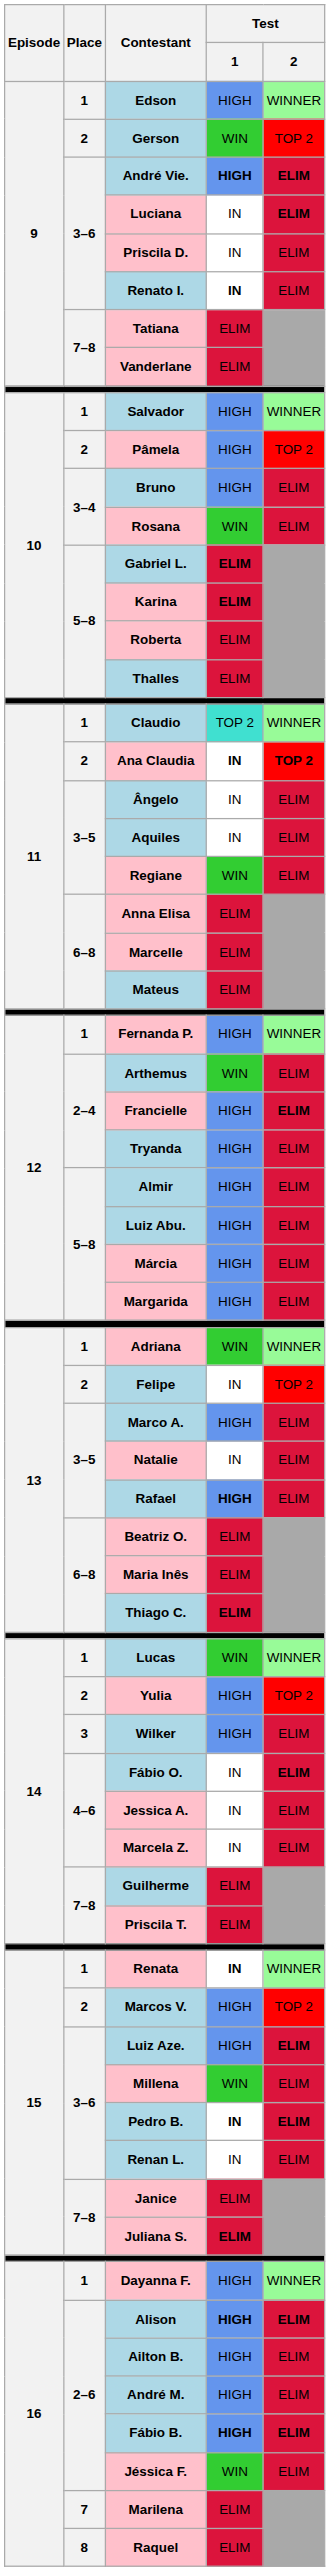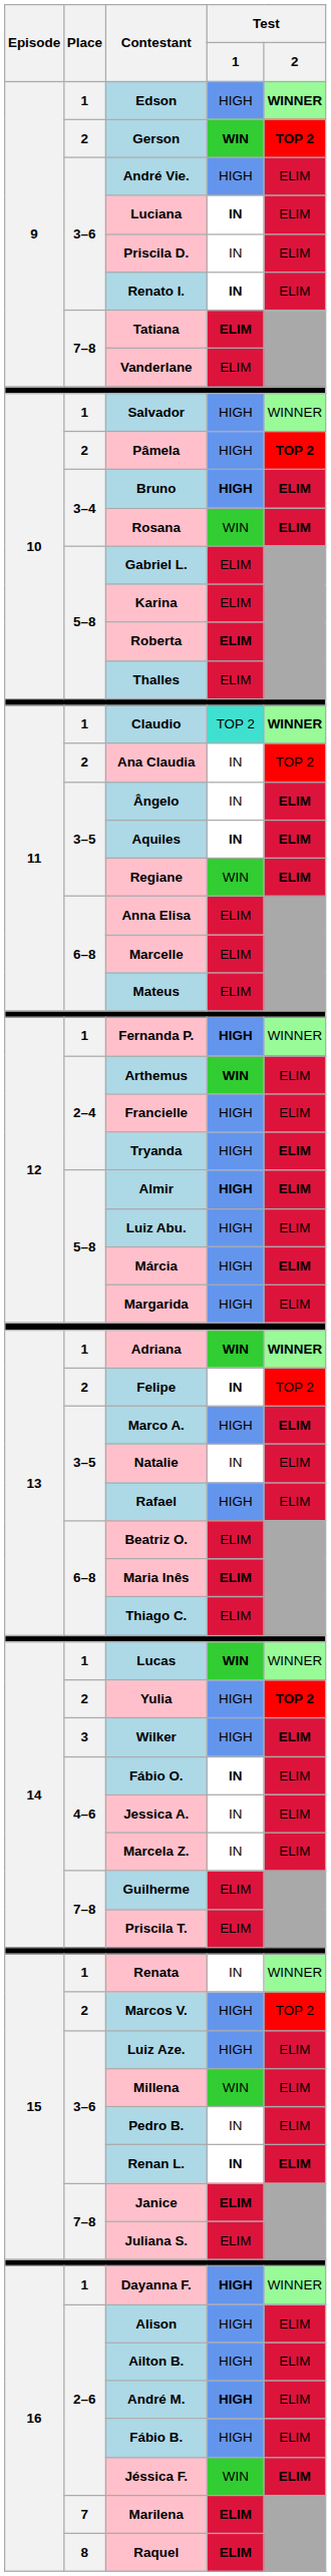 <table class="wikitable" style="text-align: center; font-size:8pt; line-height:25px;">
 <tr>
 <th rowspan=2>Episode</th>
 <th rowspan=2>Place</th>
 <th rowspan=2>Contestant</th>
 <th colspan=2>Test</th>
 </tr>
 <tr>
 <th>1</th>
 <th>2</th>
 </tr>
 <tr>
 <th rowspan=8>9</th>
 <th>1</th>
 <td bgcolor=ADD8E6 width=75><strong>Edson</strong></td>
 <td bgcolor=6495ED width=40>HIGH</td>
-<td bgcolor=98FB98 width=40>WINNER</td>
+<td bgcolor=98FB98 width=40><strong>WINNER</strong></td>
 </tr>
 <tr>
 <th>2</th>
 <td bgcolor=ADD8E6><strong>Gerson</strong></td>
-<td bgcolor=32CD32>WIN</td>
-<td bgcolor=FF0000>TOP 2</td>
+<td bgcolor=32CD32><strong>WIN</strong></td>
+<td bgcolor=FF0000><strong>TOP 2</strong></td>
 </tr>
 <tr>
 <th rowspan=4>3–6</th>
 <td bgcolor=ADD8E6><strong>André Vie.</strong></td>
-<td bgcolor=6495ED><strong>HIGH</strong></td>
-<td bgcolor=DC143C><strong>ELIM</strong></td>
+<td bgcolor=6495ED>HIGH</td>
+<td bgcolor=DC143C>ELIM</td>
 </tr>
 <tr>
 <td bgcolor=FFC0CB><strong>Luciana</strong></td>
-<td bgcolor=FFFFFF>IN</td>
-<td bgcolor=DC143C><strong>ELIM</strong></td>
+<td bgcolor=FFFFFF><strong>IN</strong></td>
+<td bgcolor=DC143C>ELIM</td>
 </tr>
 <tr>
 <td bgcolor=FFC0CB><strong>Priscila D.</strong></td>
 <td bgcolor=FFFFFF>IN</td>
 <td bgcolor=DC143C>ELIM</td>
 </tr>
 <tr>
 <td bgcolor=ADD8E6><strong>Renato I.</strong></td>
 <td bgcolor=FFFFFF><strong>IN</strong></td>
 <td bgcolor=DC143C>ELIM</td>
 </tr>
 <tr>
 <th rowspan=2>7–8</th>
 <td bgcolor=FFC0CB><strong>Tatiana</strong></td>
-<td bgcolor=DC143C>ELIM</td>
+<td bgcolor=DC143C><strong>ELIM</strong></td>
 <td bgcolor=A9A9A9 rowspan=2></td>
 </tr>
 <tr>
 <td bgcolor=FFC0CB><strong>Vanderlane</strong></td>
 <td bgcolor=DC143C>ELIM</td>
 </tr>
 <tr>
 <td colspan=5 bgcolor=000000></td>
 </tr>
 <tr>
 <th rowspan=8>10</th>
 <th>1</th>
 <td bgcolor=ADD8E6><strong>Salvador</strong></td>
 <td bgcolor=6495ED>HIGH</td>
 <td bgcolor=98FB98>WINNER</td>
 </tr>
 <tr>
 <th>2</th>
 <td bgcolor=FFC0CB><strong>Pâmela</strong></td>
 <td bgcolor=6495ED>HIGH</td>
-<td bgcolor=FF0000>TOP 2</td>
+<td bgcolor=FF0000><strong>TOP 2</strong></td>
 </tr>
 <tr>
 <th rowspan=2>3–4</th>
 <td bgcolor=ADD8E6><strong>Bruno</strong></td>
-<td bgcolor=6495ED>HIGH</td>
-<td bgcolor=DC143C>ELIM</td>
+<td bgcolor=6495ED><strong>HIGH</strong></td>
+<td bgcolor=DC143C><strong>ELIM</strong></td>
 </tr>
 <tr>
 <td bgcolor=FFC0CB><strong>Rosana</strong></td>
 <td bgcolor=32CD32>WIN</td>
-<td bgcolor=DC143C>ELIM</td>
+<td bgcolor=DC143C><strong>ELIM</strong></td>
 </tr>
 <tr>
 <th rowspan=4>5–8</th>
 <td bgcolor=ADD8E6><strong>Gabriel L.</strong></td>
-<td bgcolor=DC143C><strong>ELIM</strong></td>
+<td bgcolor=DC143C>ELIM</td>
 <td bgcolor=A9A9A9 rowspan=4></td>
 </tr>
 <tr>
 <td bgcolor=FFC0CB><strong>Karina</strong></td>
-<td bgcolor=DC143C><strong>ELIM</strong></td>
+<td bgcolor=DC143C>ELIM</td>
 </tr>
 <tr>
 <td bgcolor=FFC0CB><strong>Roberta</strong></td>
-<td bgcolor=DC143C>ELIM</td>
+<td bgcolor=DC143C><strong>ELIM</strong></td>
 </tr>
 <tr>
 <td bgcolor=ADD8E6><strong>Thalles</strong></td>
 <td bgcolor=DC143C>ELIM</td>
 </tr>
 <tr>
 <td colspan=5 bgcolor=000000></td>
 </tr>
 <tr>
 <th rowspan=8>11</th>
 <th>1</th>
 <td bgcolor=ADD8E6><strong>Claudio</strong></td>
 <td bgcolor=40E0D0>TOP 2</td>
-<td bgcolor=98FB98>WINNER</td>
+<td bgcolor=98FB98><strong>WINNER</strong></td>
 </tr>
 <tr>
 <th>2</th>
 <td bgcolor=FFC0CB><strong>Ana Claudia</strong></td>
-<td bgcolor=FFFFFF><strong>IN</strong></td>
-<td bgcolor=FF0000><strong>TOP 2</strong></td>
+<td bgcolor=FFFFFF>IN</td>
+<td bgcolor=FF0000>TOP 2</td>
 </tr>
 <tr>
 <th rowspan=3>3–5</th>
 <td bgcolor=ADD8E6><strong>Ângelo</strong></td>
 <td bgcolor=FFFFFF>IN</td>
-<td bgcolor=DC143C>ELIM</td>
+<td bgcolor=DC143C><strong>ELIM</strong></td>
 </tr>
 <tr>
 <td bgcolor=ADD8E6><strong>Aquiles</strong></td>
-<td bgcolor=FFFFFF>IN</td>
-<td bgcolor=DC143C>ELIM</td>
+<td bgcolor=FFFFFF><strong>IN</strong></td>
+<td bgcolor=DC143C><strong>ELIM</strong></td>
 </tr>
 <tr>
 <td bgcolor=FFC0CB><strong>Regiane</strong></td>
 <td bgcolor=32CD32>WIN</td>
-<td bgcolor=DC143C>ELIM</td>
+<td bgcolor=DC143C><strong>ELIM</strong></td>
 </tr>
 <tr>
 <th rowspan=3>6–8</th>
 <td bgcolor=FFC0CB><strong>Anna Elisa</strong></td>
 <td bgcolor=DC143C>ELIM</td>
 <td bgcolor=A9A9A9 rowspan=3></td>
 </tr>
 <tr>
 <td bgcolor=FFC0CB><strong>Marcelle</strong></td>
 <td bgcolor=DC143C>ELIM</td>
 </tr>
 <tr>
 <td bgcolor=ADD8E6><strong>Mateus</strong></td>
 <td bgcolor=DC143C>ELIM</td>
 </tr>
 <tr>
 <td colspan=5 bgcolor=000000></td>
 </tr>
 <tr>
 <th rowspan=8>12</th>
 <th>1</th>
 <td bgcolor=FFC0CB><strong>Fernanda P.</strong></td>
-<td bgcolor=6495ED>HIGH</td>
+<td bgcolor=6495ED><strong>HIGH</strong></td>
 <td bgcolor=98FB98>WINNER</td>
 </tr>
 <tr>
 <th rowspan=3>2–4</th>
 <td bgcolor=ADD8E6><strong>Arthemus</strong></td>
-<td bgcolor=32CD32>WIN</td>
+<td bgcolor=32CD32><strong>WIN</strong></td>
 <td bgcolor=DC143C>ELIM</td>
 </tr>
 <tr>
 <td bgcolor=FFC0CB><strong>Francielle</strong></td>
 <td bgcolor=6495ED>HIGH</td>
-<td bgcolor=DC143C><strong>ELIM</strong></td>
+<td bgcolor=DC143C>ELIM</td>
 </tr>
 <tr>
 <td bgcolor=ADD8E6><strong>Tryanda</strong></td>
 <td bgcolor=6495ED>HIGH</td>
-<td bgcolor=DC143C>ELIM</td>
+<td bgcolor=DC143C><strong>ELIM</strong></td>
 </tr>
 <tr>
 <th rowspan=4>5–8</th>
 <td bgcolor=ADD8E6><strong>Almir</strong></td>
-<td bgcolor=6495ED>HIGH</td>
-<td bgcolor=DC143C>ELIM</td>
+<td bgcolor=6495ED><strong>HIGH</strong></td>
+<td bgcolor=DC143C><strong>ELIM</strong></td>
 </tr>
 <tr>
 <td bgcolor=ADD8E6><strong>Luiz Abu.</strong></td>
 <td bgcolor=6495ED>HIGH</td>
 <td bgcolor=DC143C>ELIM</td>
 </tr>
 <tr>
 <td bgcolor=FFC0CB><strong>Márcia</strong></td>
 <td bgcolor=6495ED>HIGH</td>
-<td bgcolor=DC143C>ELIM</td>
+<td bgcolor=DC143C><strong>ELIM</strong></td>
 </tr>
 <tr>
 <td bgcolor=FFC0CB><strong>Margarida</strong></td>
 <td bgcolor=6495ED>HIGH</td>
 <td bgcolor=DC143C>ELIM</td>
 </tr>
 <tr>
 <td colspan=5 bgcolor=000000></td>
 </tr>
 <tr>
 <th rowspan=8>13</th>
 <th>1</th>
 <td bgcolor=FFC0CB><strong>Adriana</strong></td>
-<td bgcolor=32CD32>WIN</td>
-<td bgcolor=98FB98>WINNER</td>
+<td bgcolor=32CD32><strong>WIN</strong></td>
+<td bgcolor=98FB98><strong>WINNER</strong></td>
 </tr>
 <tr>
 <th>2</th>
 <td bgcolor=ADD8E6><strong>Felipe</strong></td>
-<td bgcolor=FFFFFF>IN</td>
+<td bgcolor=FFFFFF><strong>IN</strong></td>
 <td bgcolor=FF0000>TOP 2</td>
 </tr>
 <tr>
 <th rowspan=3>3–5</th>
 <td bgcolor=ADD8E6><strong>Marco A.</strong></td>
 <td bgcolor=6495ED>HIGH</td>
-<td bgcolor=DC143C>ELIM</td>
+<td bgcolor=DC143C><strong>ELIM</strong></td>
 </tr>
 <tr>
 <td bgcolor=FFC0CB><strong>Natalie</strong></td>
 <td bgcolor=FFFFFF>IN</td>
 <td bgcolor=DC143C>ELIM</td>
 </tr>
 <tr>
 <td bgcolor=ADD8E6><strong>Rafael</strong></td>
-<td bgcolor=6495ED><strong>HIGH</strong></td>
+<td bgcolor=6495ED>HIGH</td>
 <td bgcolor=DC143C>ELIM</td>
 </tr>
 <tr>
 <th rowspan=3>6–8</th>
 <td bgcolor=FFC0CB><strong>Beatriz O.</strong></td>
 <td bgcolor=DC143C>ELIM</td>
 <td bgcolor=A9A9A9 rowspan=3></td>
 </tr>
 <tr>
 <td bgcolor=FFC0CB><strong>Maria Inês</strong></td>
-<td bgcolor=DC143C>ELIM</td>
+<td bgcolor=DC143C><strong>ELIM</strong></td>
 </tr>
 <tr>
 <td bgcolor=ADD8E6><strong>Thiago C.</strong></td>
-<td bgcolor=DC143C><strong>ELIM</strong></td>
+<td bgcolor=DC143C>ELIM</td>
 </tr>
 <tr>
 <td colspan=5 bgcolor=000000></td>
 </tr>
 <tr>
 <th rowspan=8>14</th>
 <th>1</th>
 <td bgcolor=ADD8E6><strong>Lucas</strong></td>
-<td bgcolor=32CD32>WIN</td>
+<td bgcolor=32CD32><strong>WIN</strong></td>
 <td bgcolor=98FB98>WINNER</td>
 </tr>
 <tr>
 <th>2</th>
 <td bgcolor=FFC0CB><strong>Yulia</strong></td>
 <td bgcolor=6495ED>HIGH</td>
-<td bgcolor=FF0000>TOP 2</td>
+<td bgcolor=FF0000><strong>TOP 2</strong></td>
 </tr>
 <tr>
 <th>3</th>
 <td bgcolor=ADD8E6><strong>Wilker</strong></td>
 <td bgcolor=6495ED>HIGH</td>
-<td bgcolor=DC143C>ELIM</td>
+<td bgcolor=DC143C><strong>ELIM</strong></td>
 </tr>
 <tr>
 <th rowspan=3>4–6</th>
 <td bgcolor=ADD8E6><strong>Fábio O.</strong></td>
-<td bgcolor=FFFFFF>IN</td>
-<td bgcolor=DC143C><strong>ELIM</strong></td>
+<td bgcolor=FFFFFF><strong>IN</strong></td>
+<td bgcolor=DC143C>ELIM</td>
 </tr>
 <tr>
 <td bgcolor=FFC0CB><strong>Jessica A.</strong></td>
 <td bgcolor=FFFFFF>IN</td>
 <td bgcolor=DC143C>ELIM</td>
 </tr>
 <tr>
 <td bgcolor=FFC0CB><strong>Marcela Z.</strong></td>
 <td bgcolor=FFFFFF>IN</td>
 <td bgcolor=DC143C>ELIM</td>
 </tr>
 <tr>
 <th rowspan=2>7–8</th>
 <td bgcolor=ADD8E6><strong>Guilherme</strong></td>
 <td bgcolor=DC143C>ELIM</td>
 <td bgcolor=A9A9A9 rowspan=2></td>
 </tr>
 <tr>
 <td bgcolor=FFC0CB><strong>Priscila T.</strong></td>
 <td bgcolor=DC143C>ELIM</td>
 </tr>
 <tr>
 <td colspan=5 bgcolor=000000></td>
 </tr>
 <tr>
 <th rowspan=8>15</th>
 <th>1</th>
 <td bgcolor=FFC0CB><strong>Renata</strong></td>
-<td bgcolor=FFFFFF><strong>IN</strong></td>
+<td bgcolor=FFFFFF>IN</td>
 <td bgcolor=98FB98>WINNER</td>
 </tr>
 <tr>
 <th>2</th>
 <td bgcolor=ADD8E6><strong>Marcos V.</strong></td>
 <td bgcolor=6495ED>HIGH</td>
 <td bgcolor=FF0000>TOP 2</td>
 </tr>
 <tr>
 <th rowspan=4>3–6</th>
 <td bgcolor=ADD8E6><strong>Luiz Aze.</strong></td>
 <td bgcolor=6495ED>HIGH</td>
-<td bgcolor=DC143C><strong>ELIM</strong></td>
+<td bgcolor=DC143C>ELIM</td>
 </tr>
 <tr>
 <td bgcolor=FFC0CB><strong>Millena</strong></td>
 <td bgcolor=32CD32>WIN</td>
 <td bgcolor=DC143C>ELIM</td>
 </tr>
 <tr>
 <td bgcolor=ADD8E6><strong>Pedro B.</strong></td>
+<td bgcolor=FFFFFF>IN</td>
+<td bgcolor=DC143C>ELIM</td>
+</tr>
+<tr>
+<td bgcolor=ADD8E6><strong>Renan L.</strong></td>
 <td bgcolor=FFFFFF><strong>IN</strong></td>
 <td bgcolor=DC143C><strong>ELIM</strong></td>
 </tr>
 <tr>
-<td bgcolor=ADD8E6><strong>Renan L.</strong></td>
-<td bgcolor=FFFFFF>IN</td>
-<td bgcolor=DC143C>ELIM</td>
-</tr>
-<tr>
 <th rowspan=2>7–8</th>
 <td bgcolor=FFC0CB><strong>Janice</strong></td>
-<td bgcolor=DC143C>ELIM</td>
+<td bgcolor=DC143C><strong>ELIM</strong></td>
 <td bgcolor=A9A9A9 rowspan=2></td>
 </tr>
 <tr>
 <td bgcolor=FFC0CB><strong>Juliana S.</strong></td>
-<td bgcolor=DC143C><strong>ELIM</strong></td>
+<td bgcolor=DC143C>ELIM</td>
 </tr>
 <tr>
 <td colspan=5 bgcolor=000000></td>
 </tr>
 <tr>
 <th rowspan=8>16</th>
 <th>1</th>
 <td bgcolor=FFC0CB><strong>Dayanna F.</strong></td>
-<td bgcolor=6495ED>HIGH</td>
+<td bgcolor=6495ED><strong>HIGH</strong></td>
 <td bgcolor=98FB98>WINNER</td>
 </tr>
 <tr>
 <th rowspan=5>2–6</th>
 <td bgcolor=ADD8E6><strong>Alison</strong></td>
-<td bgcolor=6495ED><strong>HIGH</strong></td>
-<td bgcolor=DC143C><strong>ELIM</strong></td>
+<td bgcolor=6495ED>HIGH</td>
+<td bgcolor=DC143C>ELIM</td>
 </tr>
 <tr>
 <td bgcolor=ADD8E6><strong>Ailton B.</strong></td>
 <td bgcolor=6495ED>HIGH</td>
 <td bgcolor=DC143C>ELIM</td>
 </tr>
 <tr>
 <td bgcolor=ADD8E6><strong>André M.</strong></td>
+<td bgcolor=6495ED><strong>HIGH</strong></td>
+<td bgcolor=DC143C>ELIM</td>
+</tr>
+<tr>
+<td bgcolor=ADD8E6><strong>Fábio B.</strong></td>
 <td bgcolor=6495ED>HIGH</td>
 <td bgcolor=DC143C>ELIM</td>
 </tr>
 <tr>
-<td bgcolor=ADD8E6><strong>Fábio B.</strong></td>
-<td bgcolor=6495ED><strong>HIGH</strong></td>
-<td bgcolor=DC143C><strong>ELIM</strong></td>
-</tr>
-<tr>
 <td bgcolor=FFC0CB><strong>Jéssica F.</strong></td>
 <td bgcolor=32CD32>WIN</td>
-<td bgcolor=DC143C>ELIM</td>
+<td bgcolor=DC143C><strong>ELIM</strong></td>
 </tr>
 <tr>
 <th>7</th>
 <td bgcolor=FFC0CB><strong>Marilena</strong></td>
-<td bgcolor=DC143C>ELIM</td>
+<td bgcolor=DC143C><strong>ELIM</strong></td>
 <td bgcolor=A9A9A9 rowspan=2></td>
 </tr>
 <tr>
 <th>8</th>
 <td bgcolor=FFC0CB><strong>Raquel</strong></td>
-<td bgcolor=DC143C>ELIM</td>
+<td bgcolor=DC143C><strong>ELIM</strong></td>
 </tr>
 </table>
